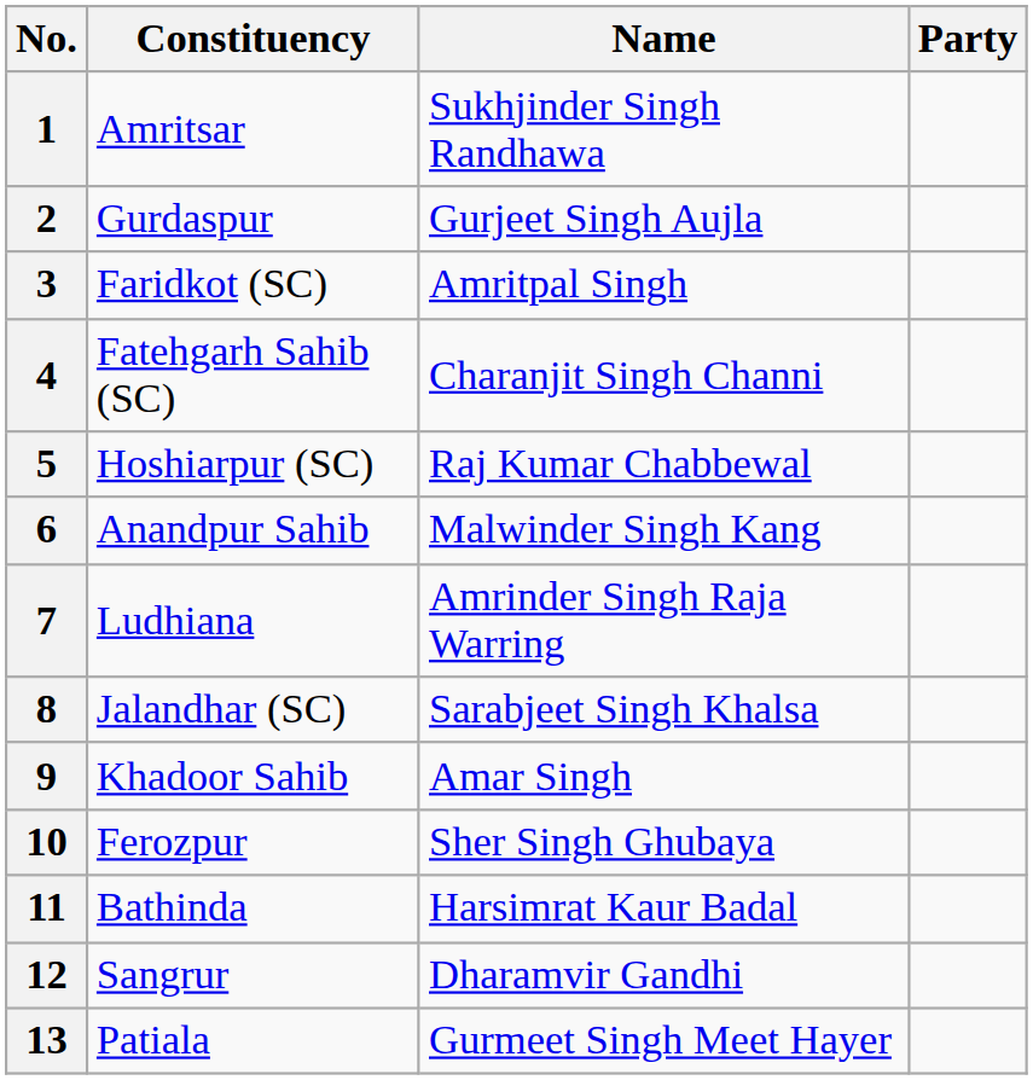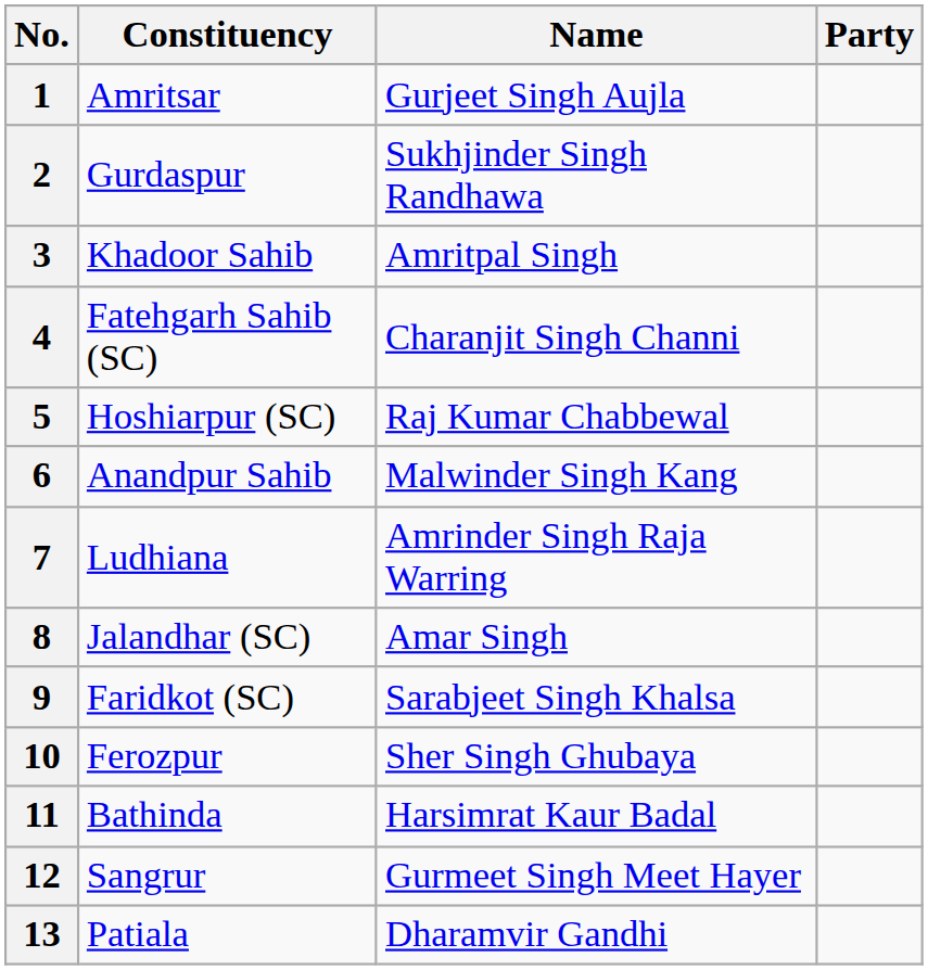 <table class="sortable wikitable">
 <tr>
 <th>No.</th>
 <th style="width:120px">Constituency</th>
 <th style="width:180px">Name</th>
 <th colspan=2>Party</th>
 </tr>
 <tr>
 <th>1</th>
 <td><a href='#'>Amritsar</a></td>
-<td><a href='#'>Sukhjinder Singh Randhawa</a></td>
+<td><a href='#'>Gurjeet Singh Aujla</a></td>
 <td></td>
 </tr>
 <tr>
 <th>2</th>
 <td><a href='#'>Gurdaspur</a></td>
-<td><a href='#'>Gurjeet Singh Aujla</a></td>
+<td><a href='#'>Sukhjinder Singh Randhawa</a></td>
 </tr>
 <tr>
 <th>3</th>
-<td><a href='#'>Faridkot</a> (SC)</td>
+<td><a href='#'>Khadoor Sahib</a></td>
 <td><a href='#'>Amritpal Singh</a></td>
 <td></td>
 </tr>
 <tr>
 <th>4</th>
 <td><a href='#'>Fatehgarh Sahib</a> (SC)</td>
 <td><a href='#'>Charanjit Singh Channi</a></td>
 <td></td>
 </tr>
 <tr>
 <th>5</th>
 <td><a href='#'>Hoshiarpur</a> (SC)</td>
 <td><a href='#'>Raj Kumar Chabbewal</a></td>
 <td></td>
 </tr>
 <tr>
 <th>6</th>
 <td><a href='#'>Anandpur Sahib</a></td>
 <td><a href='#'>Malwinder Singh Kang</a></td>
 </tr>
 <tr>
 <th>7</th>
 <td><a href='#'>Ludhiana</a></td>
 <td><a href='#'>Amrinder Singh Raja Warring</a></td>
 <td></td>
 </tr>
 <tr>
 <th>8</th>
 <td><a href='#'>Jalandhar</a> (SC)</td>
-<td><a href='#'>Sarabjeet Singh Khalsa</a></td>
+<td><a href='#'>Amar Singh</a></td>
 </tr>
 <tr>
 <th>9</th>
-<td><a href='#'>Khadoor Sahib</a></td>
-<td><a href='#'>Amar Singh</a></td>
+<td><a href='#'>Faridkot</a> (SC)</td>
+<td><a href='#'>Sarabjeet Singh Khalsa</a></td>
 <td></td>
 </tr>
 <tr>
 <th>10</th>
 <td><a href='#'>Ferozpur</a></td>
 <td><a href='#'>Sher Singh Ghubaya</a></td>
 <td></td>
 </tr>
 <tr>
 <th>11</th>
 <td><a href='#'>Bathinda</a></td>
 <td><a href='#'>Harsimrat Kaur Badal</a></td>
 <td></td>
 </tr>
 <tr>
 <th>12</th>
 <td><a href='#'>Sangrur</a></td>
-<td><a href='#'>Dharamvir Gandhi</a></td>
+<td><a href='#'>Gurmeet Singh Meet Hayer</a></td>
 <td></td>
 </tr>
 <tr>
 <th>13</th>
 <td><a href='#'>Patiala</a></td>
-<td><a href='#'>Gurmeet Singh Meet Hayer</a></td>
+<td><a href='#'>Dharamvir Gandhi</a></td>
 <td></td>
 </tr>
 </table>
